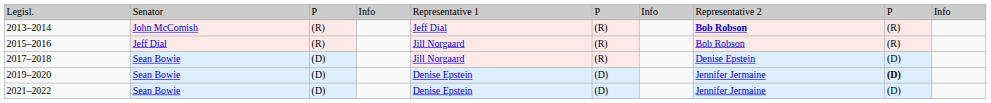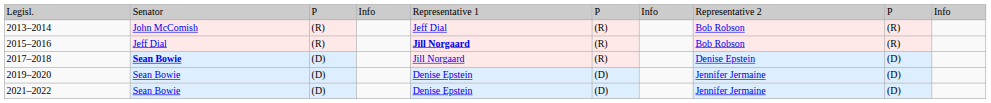 <table class=wikitable width="100%" border="1">
 <tr style="background-color:#cccccc;">
 <td>Legisl.</td>
 <td>Senator</td>
 <td>P</td>
 <td>Info</td>
 <td>Representative 1</td>
 <td>P</td>
 <td>Info</td>
 <td>Representative 2</td>
 <td>P</td>
 <td>Info</td>
 </tr>
 <tr>
 <td>2013–2014</td>
 <td style="background:#FFE8E8"><a href='#'>John McComish</a></td>
 <td style="background:#FFE8E8">(R)</td>
 <td></td>
 <td style="background:#FFE8E8"><a href='#'>Jeff Dial</a></td>
 <td style="background:#FFE8E8">(R)</td>
 <td></td>
-<td style="background:#FFE8E8"><strong><a href='#'>Bob Robson</a></strong></td>
+<td style="background:#FFE8E8"><a href='#'>Bob Robson</a></td>
 <td style="background:#FFE8E8">(R)</td>
 <td></td>
 </tr>
 <tr>
 <td>2015–2016</td>
 <td style="background:#FFE8E8"><a href='#'>Jeff Dial</a></td>
 <td style="background:#FFE8E8">(R)</td>
 <td></td>
-<td style="background:#FFE8E8"><a href='#'>Jill Norgaard</a></td>
+<td style="background:#FFE8E8"><strong><a href='#'>Jill Norgaard</a></strong></td>
 <td style="background:#FFE8E8">(R)</td>
 <td></td>
 <td style="background:#FFE8E8"><a href='#'>Bob Robson</a></td>
 <td style="background:#FFE8E8">(R)</td>
 <td></td>
 </tr>
 <tr>
 <td>2017–2018</td>
-<td style="background:#DDEEFF"><a href='#'>Sean Bowie</a></td>
+<td style="background:#DDEEFF"><strong><a href='#'>Sean Bowie</a></strong></td>
 <td style="background:#DDEEFF">(D)</td>
 <td></td>
 <td style="background:#FFE8E8"><a href='#'>Jill Norgaard</a></td>
 <td style="background:#FFE8E8">(R)</td>
 <td></td>
 <td style="background:#DDEEFF"><a href='#'>Denise Epstein</a></td>
 <td style="background:#DDEEFF">(D)</td>
 <td></td>
 </tr>
 <tr>
 <td>2019–2020</td>
 <td style="background:#DDEEFF"><a href='#'>Sean Bowie</a></td>
 <td style="background:#DDEEFF">(D)</td>
 <td></td>
 <td style="background:#DDEEFF"><a href='#'>Denise Epstein</a></td>
 <td style="background:#DDEEFF">(D)</td>
 <td></td>
 <td style="background:#DDEEFF"><a href='#'>Jennifer Jermaine</a></td>
-<td style="background:#DDEEFF"><strong>(D)</strong></td>
+<td style="background:#DDEEFF">(D)</td>
 <td></td>
 </tr>
 <tr>
 <td>2021–2022</td>
 <td style="background:#DDEEFF"><a href='#'>Sean Bowie</a></td>
 <td style="background:#DDEEFF">(D)</td>
 <td></td>
 <td style="background:#DDEEFF"><a href='#'>Denise Epstein</a></td>
 <td style="background:#DDEEFF">(D)</td>
 <td></td>
 <td style="background:#DDEEFF"><a href='#'>Jennifer Jermaine</a></td>
 <td style="background:#DDEEFF">(D)</td>
 <td></td>
 </tr>
 </table>
